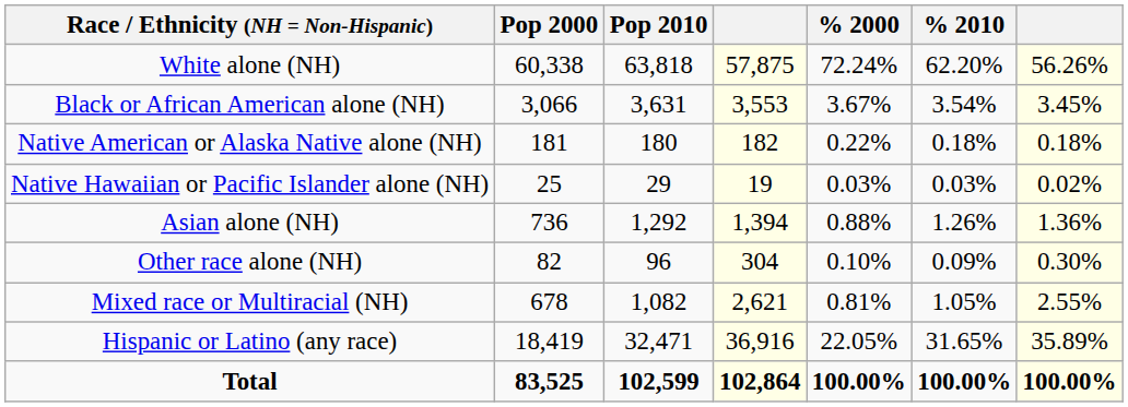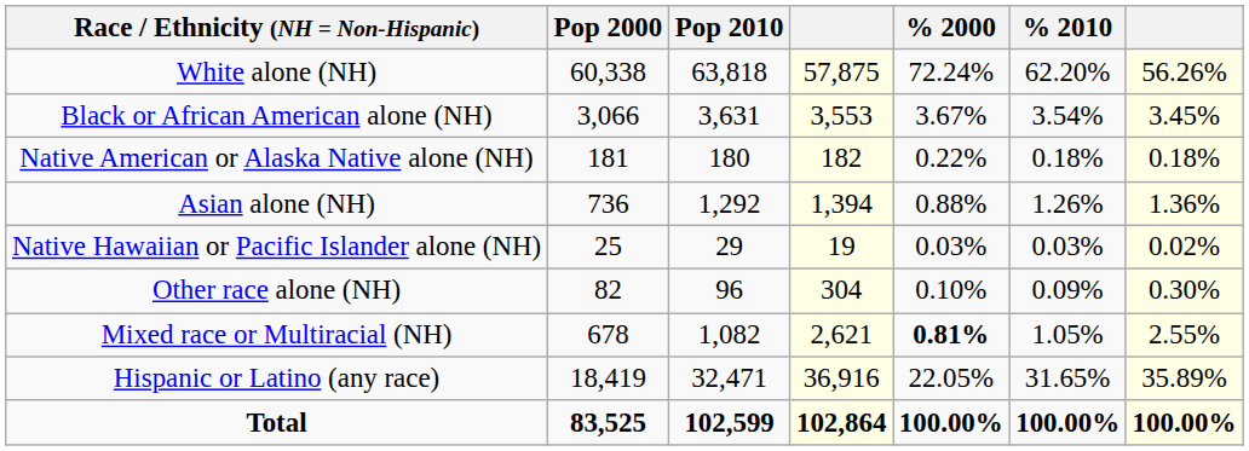 <table class="wikitable" style="text-align:center;">
 <tr>
 <th>Race / Ethnicity <small>(<em>NH = Non-Hispanic</em>)</small></th>
 <th>Pop 2000</th>
 <th>Pop 2010</th>
 <th></th>
 <th>% 2000</th>
 <th>% 2010</th>
 <th></th>
 </tr>
 <tr>
 <td><a href='#'>White</a> alone (NH)</td>
 <td>60,338</td>
 <td>63,818</td>
 <td style='background: #ffffe6;'>57,875</td>
 <td>72.24%</td>
 <td>62.20%</td>
 <td style='background: #ffffe6;'>56.26%</td>
 </tr>
 <tr>
 <td><a href='#'>Black or African American</a> alone (NH)</td>
 <td>3,066</td>
 <td>3,631</td>
 <td style='background: #ffffe6;'>3,553</td>
 <td>3.67%</td>
 <td>3.54%</td>
 <td style='background: #ffffe6;'>3.45%</td>
 </tr>
 <tr>
 <td><a href='#'>Native American</a> or <a href='#'>Alaska Native</a> alone (NH)</td>
 <td>181</td>
 <td>180</td>
 <td style='background: #ffffe6;'>182</td>
 <td>0.22%</td>
 <td>0.18%</td>
 <td style='background: #ffffe6;'>0.18%</td>
 </tr>
 <tr>
+<td><a href='#'>Asian</a> alone (NH)</td>
+<td>736</td>
+<td>1,292</td>
+<td style='background: #ffffe6;'>1,394</td>
+<td>0.88%</td>
+<td>1.26%</td>
+<td style='background: #ffffe6;'>1.36%</td>
+</tr>
+<tr>
 <td><a href='#'>Native Hawaiian</a> or <a href='#'>Pacific Islander</a> alone (NH)</td>
 <td>25</td>
 <td>29</td>
 <td style='background: #ffffe6;'>19</td>
 <td>0.03%</td>
 <td>0.03%</td>
 <td style='background: #ffffe6;'>0.02%</td>
-</tr>
-<tr>
-<td><a href='#'>Asian</a> alone (NH)</td>
-<td>736</td>
-<td>1,292</td>
-<td style='background: #ffffe6;'>1,394</td>
-<td>0.88%</td>
-<td>1.26%</td>
-<td style='background: #ffffe6;'>1.36%</td>
 </tr>
 <tr>
 <td><a href='#'>Other race</a> alone (NH)</td>
 <td>82</td>
 <td>96</td>
 <td style='background: #ffffe6;'>304</td>
 <td>0.10%</td>
 <td>0.09%</td>
 <td style='background: #ffffe6;'>0.30%</td>
 </tr>
 <tr>
 <td><a href='#'>Mixed race or Multiracial</a> (NH)</td>
 <td>678</td>
 <td>1,082</td>
 <td style='background: #ffffe6;'>2,621</td>
-<td>0.81%</td>
+<td><strong>0.81%</strong></td>
 <td>1.05%</td>
 <td style='background: #ffffe6;'>2.55%</td>
 </tr>
 <tr>
 <td><a href='#'>Hispanic or Latino</a> (any race)</td>
 <td>18,419</td>
 <td>32,471</td>
 <td style='background: #ffffe6;'>36,916</td>
 <td>22.05%</td>
 <td>31.65%</td>
 <td style='background: #ffffe6;'>35.89%</td>
 </tr>
 <tr>
 <td><strong>Total</strong></td>
 <td><strong>83,525</strong></td>
 <td><strong>102,599</strong></td>
 <td style='background: #ffffe6;'><strong>102,864</strong></td>
 <td><strong>100.00%</strong></td>
 <td><strong>100.00%</strong></td>
 <td style='background: #ffffe6;'><strong>100.00%</strong></td>
 </tr>
 </table>
